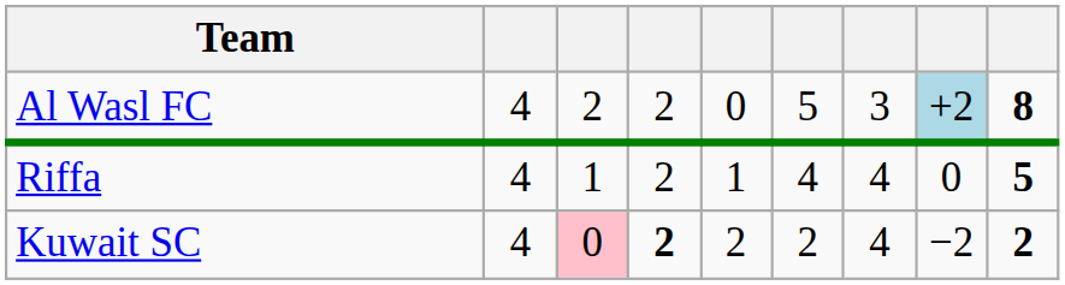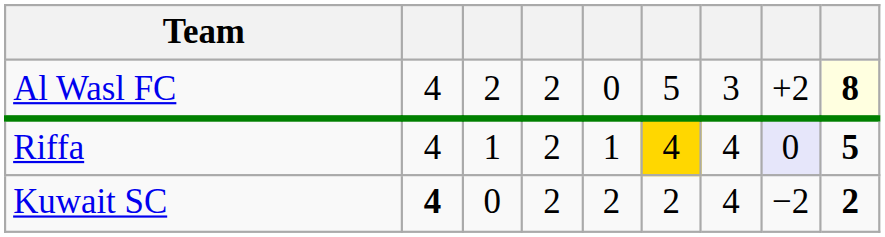 <table class="wikitable" style="text-align: center;">
 <tr>
 <th width="175">Team</th>
 <th width="20"></th>
 <th width="20"></th>
 <th width="20"></th>
 <th width="20"></th>
 <th width="20"></th>
 <th width="20"></th>
 <th width="20"></th>
 <th width="20"></th>
 </tr>
 <tr style="border-bottom:3px solid green;">
 <td align=left> <a href='#'>Al Wasl FC</a></td>
 <td>4</td>
 <td>2</td>
 <td>2</td>
 <td>0</td>
 <td>5</td>
 <td>3</td>
-<td style="background: lightblue;">+2</td>
-<td><strong>8</strong></td>
+<td>+2</td>
+<td style="background: lightyellow;"><strong>8</strong></td>
 </tr>
 <tr>
 <td align=left> <a href='#'>Riffa</a></td>
 <td>4</td>
 <td>1</td>
 <td>2</td>
 <td>1</td>
+<td style="background: gold;">4</td>
 <td>4</td>
-<td>4</td>
-<td>0</td>
+<td style="background: lavender;">0</td>
 <td><strong>5</strong></td>
 </tr>
 <tr>
 <td align=left> <a href='#'>Kuwait SC</a></td>
-<td>4</td>
-<td style="background: pink;">0</td>
-<td><strong>2</strong></td>
+<td><strong>4</strong></td>
+<td>0</td>
+<td>2</td>
 <td>2</td>
 <td>2</td>
 <td>4</td>
 <td>−2</td>
 <td><strong>2</strong></td>
 </tr>
 </table>
